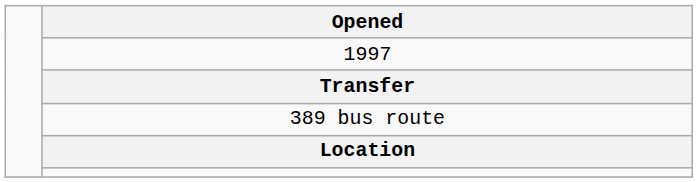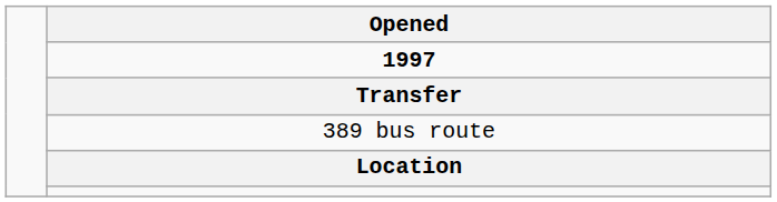 <table class=wikitable style="text-align: center; width: 450px; float:right">
 <tr>
 <td rowspan="6"></td>
 <th>Opened</th>
 </tr>
 <tr>
-<td>1997</td>
+<td><strong>1997</strong></td>
 </tr>
 <tr>
 <th>Transfer</th>
 </tr>
 <tr>
 <td>389 bus route</td>
 </tr>
 <tr>
 <th>Location</th>
 </tr>
 <tr>
 <td></td>
 </tr>
 </table>
